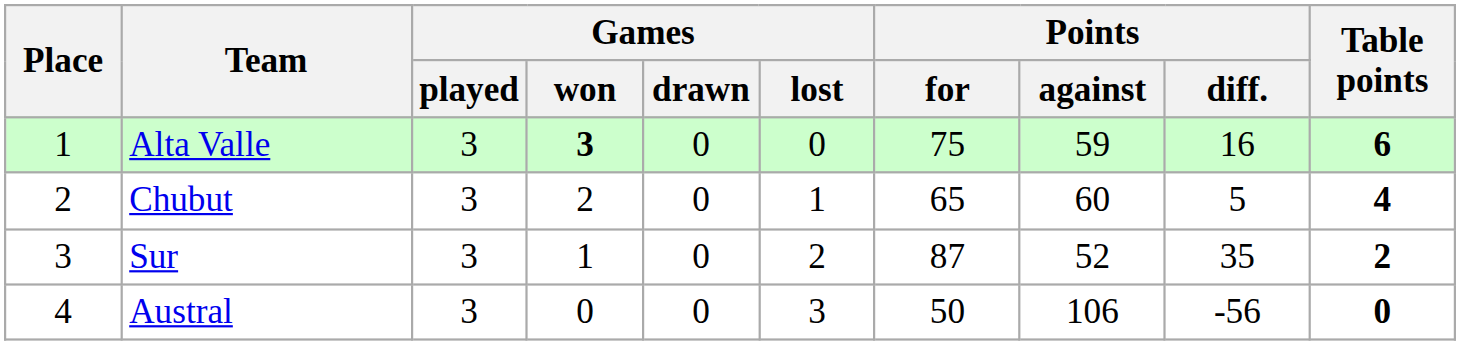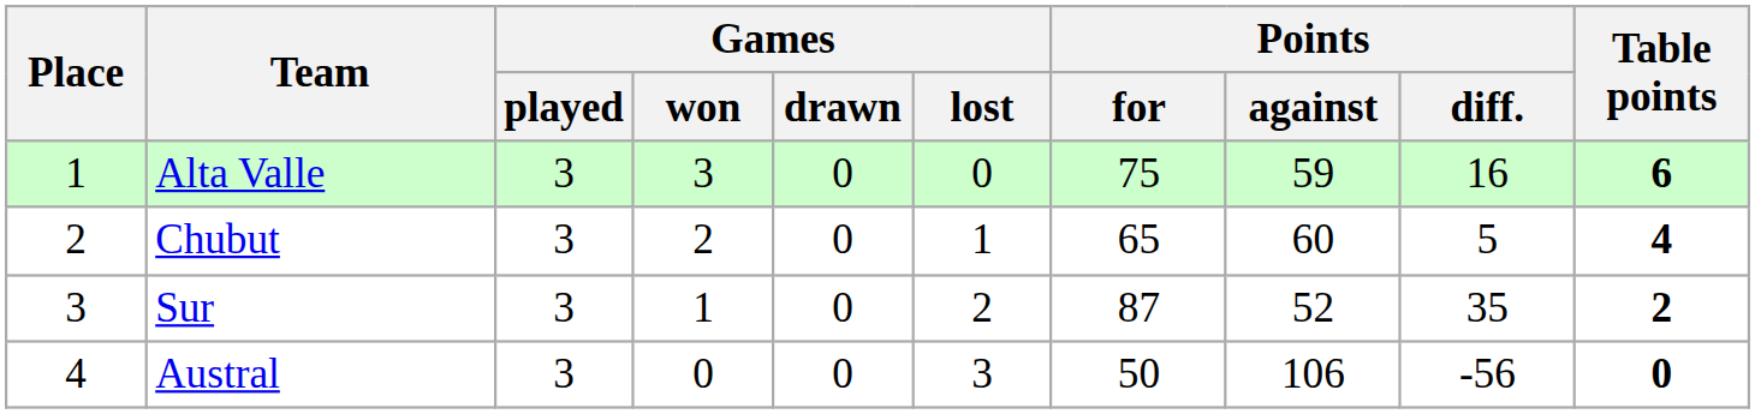 <table class="wikitable">
 <tr>
 <th rowspan=2 width="8%">Place</th>
 <th rowspan=2 width="20%">Team</th>
 <th colspan=4 width="32%">Games</th>
 <th colspan=3 width="30%">Points</th>
 <th rowspan=2 width="10%">Table<br>points</th>
 </tr>
 <tr>
 <th width="8%">played</th>
 <th width="8%">won</th>
 <th width="8%">drawn</th>
 <th width="8%">lost</th>
 <th width="10%">for</th>
 <th width="10%">against</th>
 <th width="10%">diff.</th>
 </tr>
 <tr align=center style="background: #ccffcc;">
 <td>1</td>
 <td align=left><a href='#'>Alta Valle</a></td>
 <td>3</td>
-<td><strong>3</strong></td>
+<td>3</td>
 <td>0</td>
 <td>0</td>
 <td>75</td>
 <td>59</td>
 <td>16</td>
 <td><strong>6</strong></td>
 </tr>
 <tr align=center style="background: #ffffff;">
 <td>2</td>
 <td align=left><a href='#'>Chubut</a></td>
 <td>3</td>
 <td>2</td>
 <td>0</td>
 <td>1</td>
 <td>65</td>
 <td>60</td>
 <td>5</td>
 <td><strong>4</strong></td>
 </tr>
 <tr align=center style="background: #ffffff;">
 <td>3</td>
 <td align=left><a href='#'>Sur</a></td>
 <td>3</td>
 <td>1</td>
 <td>0</td>
 <td>2</td>
 <td>87</td>
 <td>52</td>
 <td>35</td>
 <td><strong>2</strong></td>
 </tr>
 <tr align=center style="background: #ffffff;">
 <td>4</td>
 <td align=left><a href='#'>Austral</a></td>
 <td>3</td>
 <td>0</td>
 <td>0</td>
 <td>3</td>
 <td>50</td>
 <td>106</td>
 <td>-56</td>
 <td><strong>0</strong></td>
 </tr>
 </table>
